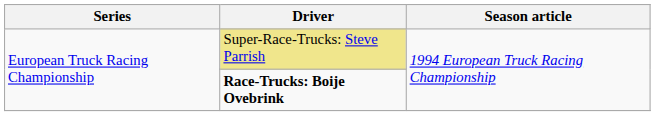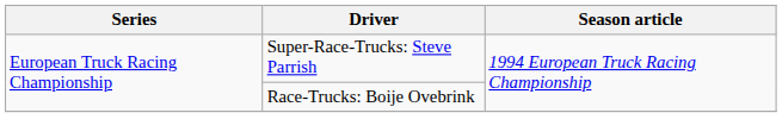 <table class="wikitable" style="font-size: 87%;">
 <tr>
 <th>Series</th>
 <th>Driver</th>
 <th>Season article</th>
 </tr>
 <tr>
 <td rowspan=2><a href='#'>European Truck Racing Championship</a></td>
-<td style="background: khaki;">Super-Race-Trucks:  <a href='#'>Steve Parrish</a></td>
+<td>Super-Race-Trucks:  <a href='#'>Steve Parrish</a></td>
 <td rowspan=2><em><a href='#'>1994 European Truck Racing Championship</a></em></td>
 </tr>
 <tr>
-<td><strong>Race-Trucks:  Boije Ovebrink</strong></td>
+<td>Race-Trucks:  Boije Ovebrink</td>
 </tr>
 <tr>
 </tr>
 </table>
